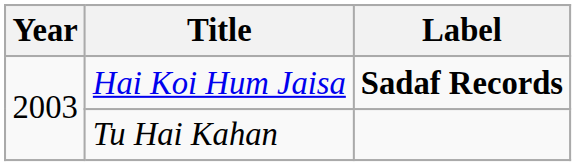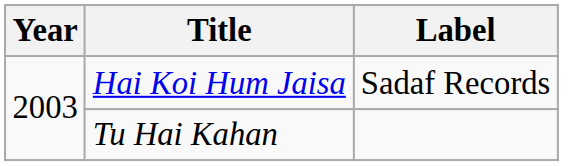 <table class="wikitable">
 <tr>
 <th>Year</th>
 <th>Title</th>
 <th>Label</th>
 </tr>
 <tr>
 <td rowspan="2">2003</td>
 <td><em><a href='#'>Hai Koi Hum Jaisa</a></em></td>
-<td><strong>Sadaf Records</strong></td>
+<td>Sadaf Records</td>
 </tr>
 <tr>
 <td><em>Tu Hai Kahan</em></td>
 <td></td>
 </tr>
 </table>
